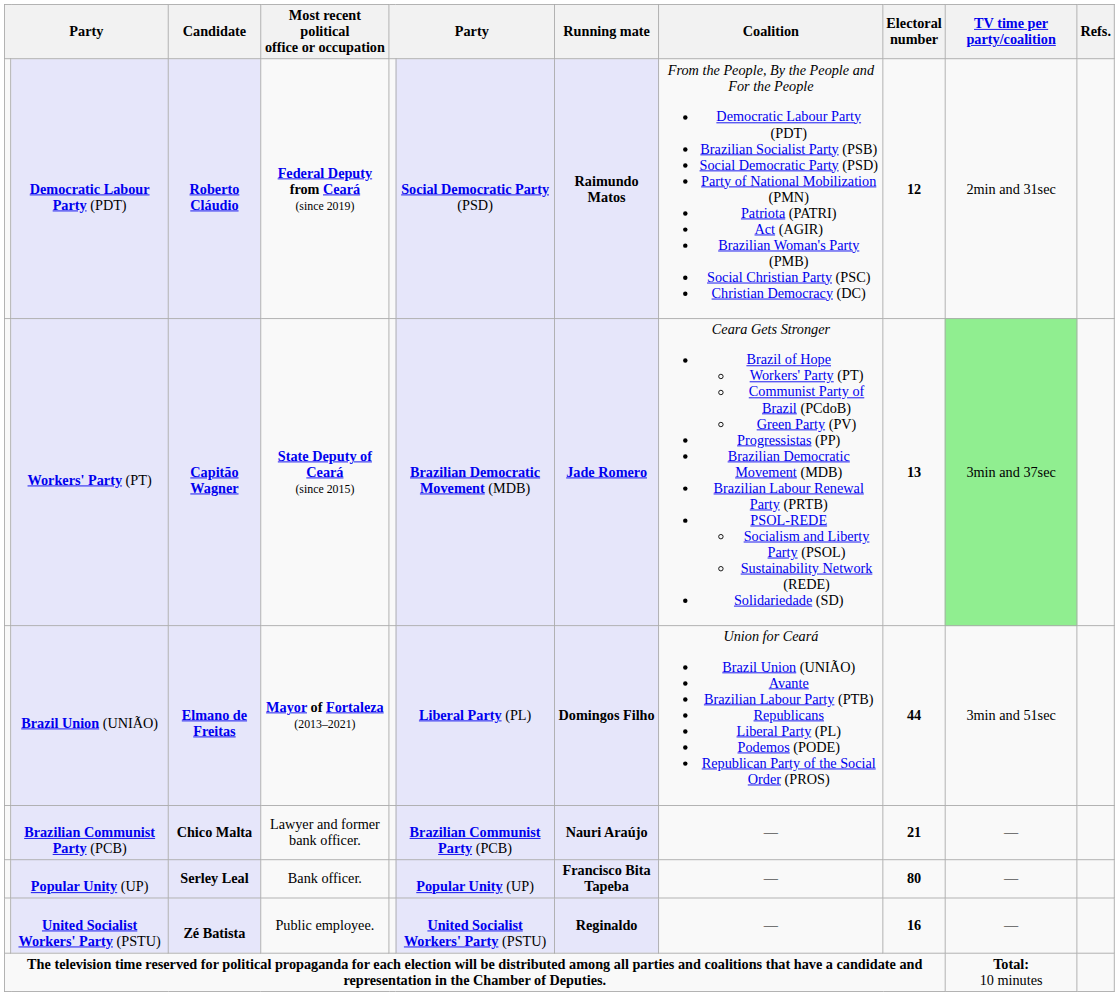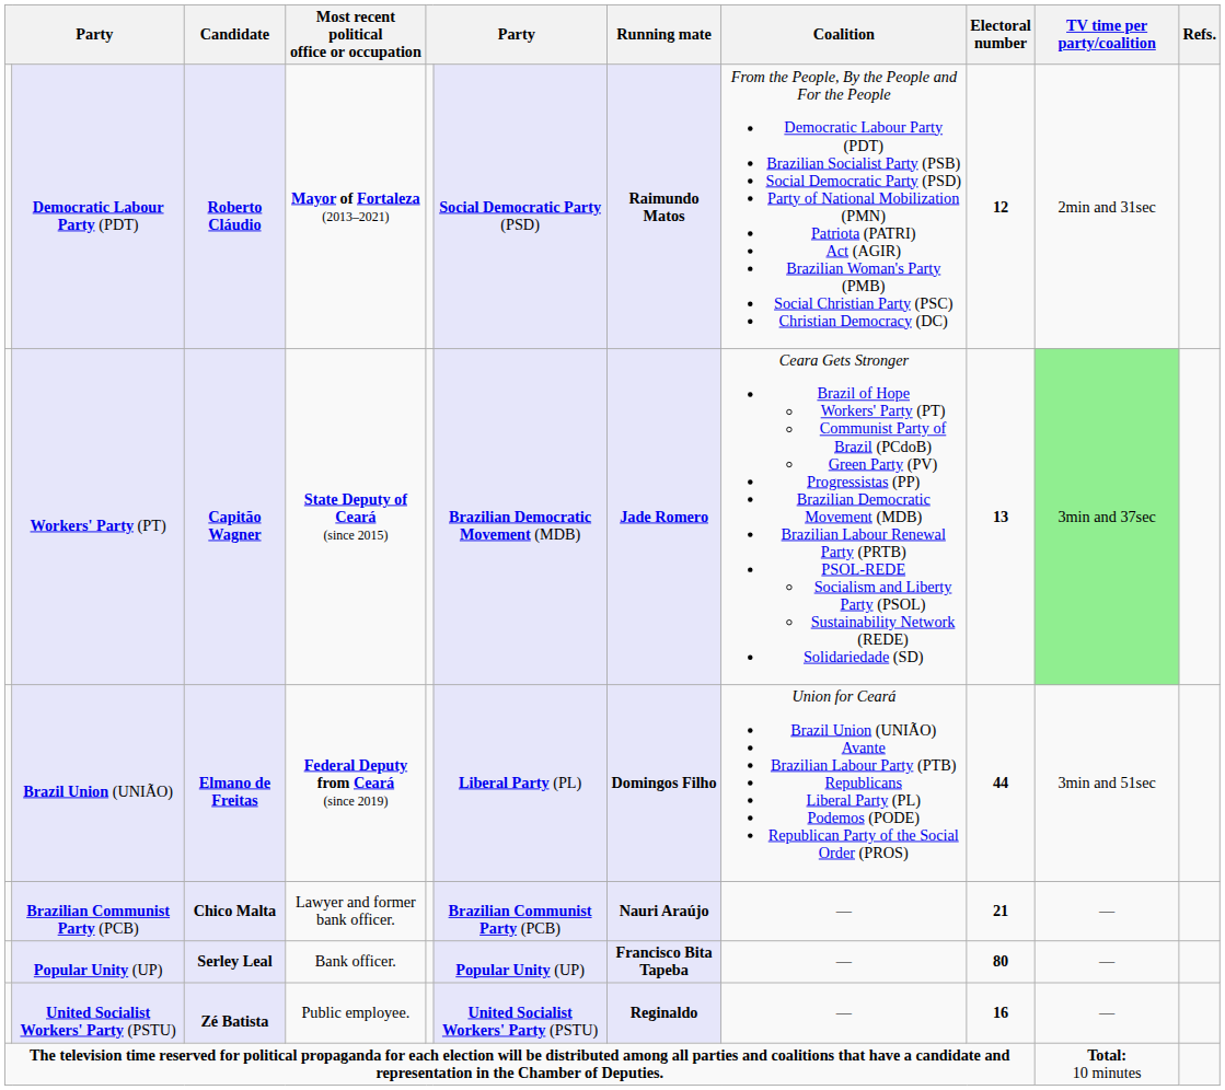 <table class="wikitable" style="text-align:center;">
 <tr>
 <th colspan="2">Party</th>
 <th>Candidate</th>
 <th>Most recent political<br>office or occupation</th>
 <th colspan="2">Party</th>
 <th>Running mate</th>
 <th>Coalition</th>
 <th>Electoral<br>number</th>
 <th><a href='#'>TV time per party/coalition</a></th>
 <th>Refs.</th>
 </tr>
 <tr>
 <td style="background-color:"></td>
 <td style="background:lavender;"><strong><br><a href='#'>Democratic Labour Party</a></strong> (PDT)</td>
 <td style="background:lavender;"><br><strong><a href='#'>Roberto Cláudio</a></strong></td>
-<td><strong><a href='#'>Federal Deputy</a> from <a href='#'>Ceará</a></strong><br><small>(since 2019)</small></td>
+<td><strong><a href='#'>Mayor</a> of <a href='#'>Fortaleza</a></strong><br><small>(2013–2021)</small></td>
 <td style="background-color:"></td>
 <td style="background:lavender;"><br><strong><a href='#'>Social Democratic Party</a></strong> (PSD)</td>
 <td style="background:lavender;"><strong>Raimundo Matos</strong></td>
 <td><em>From the People, By the People and For the People</em><br><ul><li><a href='#'>Democratic Labour Party</a> (PDT)</li><li><a href='#'>Brazilian Socialist Party</a> (PSB)</li><li><a href='#'>Social Democratic Party</a> (PSD)</li><li><a href='#'>Party of National Mobilization</a> (PMN)</li><li><a href='#'>Patriota</a> (PATRI)</li><li><a href='#'>Act</a> (AGIR)</li><li><a href='#'>Brazilian Woman's Party</a> (PMB)</li><li><a href='#'>Social Christian Party</a> (PSC)</li><li><a href='#'>Christian Democracy</a> (DC)</li></ul></td>
 <td><strong>12</strong></td>
 <td>2min and 31sec</td>
 <td><br></td>
 </tr>
 <tr>
 <td style="background-color:"></td>
 <td style="background:lavender;"><strong></strong><br><strong><a href='#'>Workers' Party</a></strong> (PT)</td>
 <td style="background:lavender;"><br><strong><a href='#'>Capitão Wagner</a></strong></td>
 <td><strong><a href='#'>State Deputy of Ceará</a></strong><br><small>(since 2015)</small></td>
 <td style="background-color:"></td>
 <td style="background:lavender;"><br><strong><a href='#'>Brazilian Democratic Movement</a></strong> (MDB)</td>
 <td style="background:lavender;"><strong><a href='#'>Jade Romero</a></strong></td>
 <td><em>Ceara Gets Stronger</em><br><ul><li><a href='#'>Brazil of Hope</a><ul><li><a href='#'>Workers' Party</a> (PT)</li><li><a href='#'>Communist Party of Brazil</a> (PCdoB)</li><li><a href='#'>Green Party</a> (PV)</li></ul></li><li><a href='#'>Progressistas</a> (PP)</li><li><a href='#'>Brazilian Democratic Movement</a> (MDB)</li><li><a href='#'>Brazilian Labour Renewal Party</a> (PRTB)</li><li><a href='#'>PSOL-REDE</a><ul><li><a href='#'>Socialism and Liberty Party</a> (PSOL)</li><li><a href='#'>Sustainability Network</a> (REDE)</li></ul></li><li><a href='#'>Solidariedade</a> (SD)</li></ul></td>
 <td><strong>13</strong></td>
 <td style="background: lightgreen;">3min and 37sec</td>
 <td><br><br></td>
 </tr>
 <tr>
 <td style="background-color:"></td>
 <td style="background:lavender;"><br><strong><a href='#'>Brazil Union</a></strong> (UNIÃO)</td>
 <td style="background:lavender;"><br><strong><a href='#'>Elmano de Freitas</a></strong></td>
-<td><strong><a href='#'>Mayor</a> of <a href='#'>Fortaleza</a></strong><br><small>(2013–2021)</small></td>
+<td><strong><a href='#'>Federal Deputy</a> from <a href='#'>Ceará</a></strong><br><small>(since 2019)</small></td>
 <td style="background-color:"></td>
 <td style="background:lavender;"><strong><a href='#'>Liberal Party</a></strong> (PL)</td>
 <td style="background:lavender;"><strong>Domingos Filho</strong></td>
 <td><em>Union for Ceará</em><br><ul><li><a href='#'>Brazil Union</a> (UNIÃO)</li><li><a href='#'>Avante</a></li><li><a href='#'>Brazilian Labour Party</a> (PTB)</li><li><a href='#'>Republicans</a></li><li><a href='#'>Liberal Party</a> (PL)</li><li><a href='#'>Podemos</a> (PODE)</li><li><a href='#'>Republican Party of the Social Order</a> (PROS)</li></ul></td>
 <td><strong>44</strong></td>
 <td>3min and 51sec</td>
 <td><br></td>
 </tr>
 <tr>
 <td style="background-color:"></td>
 <td style="background:lavender;"><br><strong><a href='#'>Brazilian Communist Party</a></strong> (PCB)</td>
 <td style="background:lavender;"><strong>Chico Malta</strong></td>
 <td>Lawyer and former bank officer.</td>
 <td style="background-color:"></td>
 <td style="background:lavender;"><br><strong><a href='#'>Brazilian Communist Party</a></strong> (PCB)</td>
 <td style="background:lavender;"><strong>Nauri Araújo</strong></td>
 <td>—</td>
 <td><strong>21</strong></td>
 <td>—</td>
 <td></td>
 </tr>
 <tr>
 <td style="background-color:"></td>
 <td style="background:lavender;"><br><strong><a href='#'>Popular Unity</a></strong> (UP)</td>
 <td style="background:lavender;"><strong>Serley Leal</strong></td>
 <td>Bank officer.</td>
 <td style="background-color:"></td>
 <td style="background:lavender;"><br><strong><a href='#'>Popular Unity</a></strong> (UP)</td>
 <td style="background:lavender;"><strong>Francisco Bita Tapeba</strong></td>
 <td>—</td>
 <td><strong>80</strong></td>
 <td>—</td>
 <td><br></td>
 </tr>
 <tr>
 <td style="background-color:"></td>
 <td style="background:lavender;"><br><strong><a href='#'>United Socialist Workers' Party</a></strong> (PSTU)</td>
 <td style="background:lavender;"><br><strong>Zé Batista</strong></td>
 <td>Public employee.</td>
 <td style="background-color:"></td>
 <td style="background:lavender;"><br><strong><a href='#'>United Socialist Workers' Party</a></strong> (PSTU)</td>
 <td style="background:lavender;"><strong>Reginaldo</strong></td>
 <td>—</td>
 <td><strong>16</strong></td>
 <td>—</td>
 <td><br></td>
 </tr>
 <tr>
 <td colspan="9"><strong>The television time reserved for political propaganda for each election will be distributed among all parties and coalitions that have a candidate and representation in the Chamber of Deputies.</strong></td>
 <td><strong>Total:</strong><br>10 minutes</td>
 <td></td>
 </tr>
 </table>
